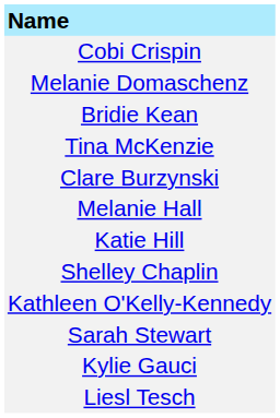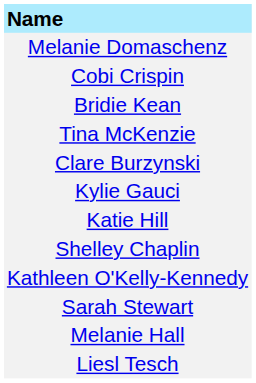 <table border=0 cellpadding=2 cellspacing=0  |- bgcolor=#F2F2F2 style="text-align:center; font-size:90%;">
 <tr bgcolor=#ADEBFD>
 <th align=left>Name</th>
 </tr>
 <tr>
-<td><a href='#'>Cobi Crispin</a></td>
+<td><a href='#'>Melanie Domaschenz</a></td>
 </tr>
 <tr>
-<td><a href='#'>Melanie Domaschenz</a></td>
+<td><a href='#'>Cobi Crispin</a></td>
 </tr>
 <tr>
 <td><a href='#'>Bridie Kean</a></td>
 </tr>
 <tr>
 <td><a href='#'>Tina McKenzie</a></td>
 </tr>
 <tr>
 <td><a href='#'>Clare Burzynski</a></td>
 </tr>
 <tr>
-<td><a href='#'>Melanie Hall</a></td>
+<td><a href='#'>Kylie Gauci</a></td>
 </tr>
 <tr>
 <td><a href='#'>Katie Hill</a></td>
 </tr>
 <tr>
 <td><a href='#'>Shelley Chaplin</a></td>
 </tr>
 <tr>
 <td><a href='#'>Kathleen O'Kelly-Kennedy</a></td>
 </tr>
 <tr>
 <td><a href='#'>Sarah Stewart</a></td>
 </tr>
 <tr>
-<td><a href='#'>Kylie Gauci</a></td>
+<td><a href='#'>Melanie Hall</a></td>
 </tr>
 <tr>
 <td><a href='#'>Liesl Tesch</a></td>
 </tr>
 </table>
